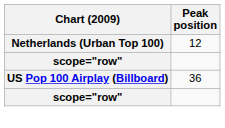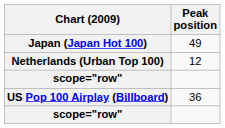 <table class="wikitable sortable plainrowheaders">
 <tr>
 <th>Chart (2009)</th>
 <th>Peak<br>position</th>
+</tr>
+<tr>
+<th scope="row">Japan (<a href='#'>Japan Hot 100</a>)</th>
+<td style="text-align:center;">49</td>
 </tr>
 <tr>
 <th scope="row">Netherlands (Urban Top 100)</th>
 <td align="center">12</td>
 </tr>
 <tr>
 <th>scope="row" </th>
 </tr>
 <tr>
 <th scope="row">US <a href='#'>Pop 100 Airplay</a> (<a href='#'>Billboard</a>)</th>
 <td align="center">36</td>
 </tr>
 <tr>
 <th>scope="row" </th>
 </tr>
 </table>
